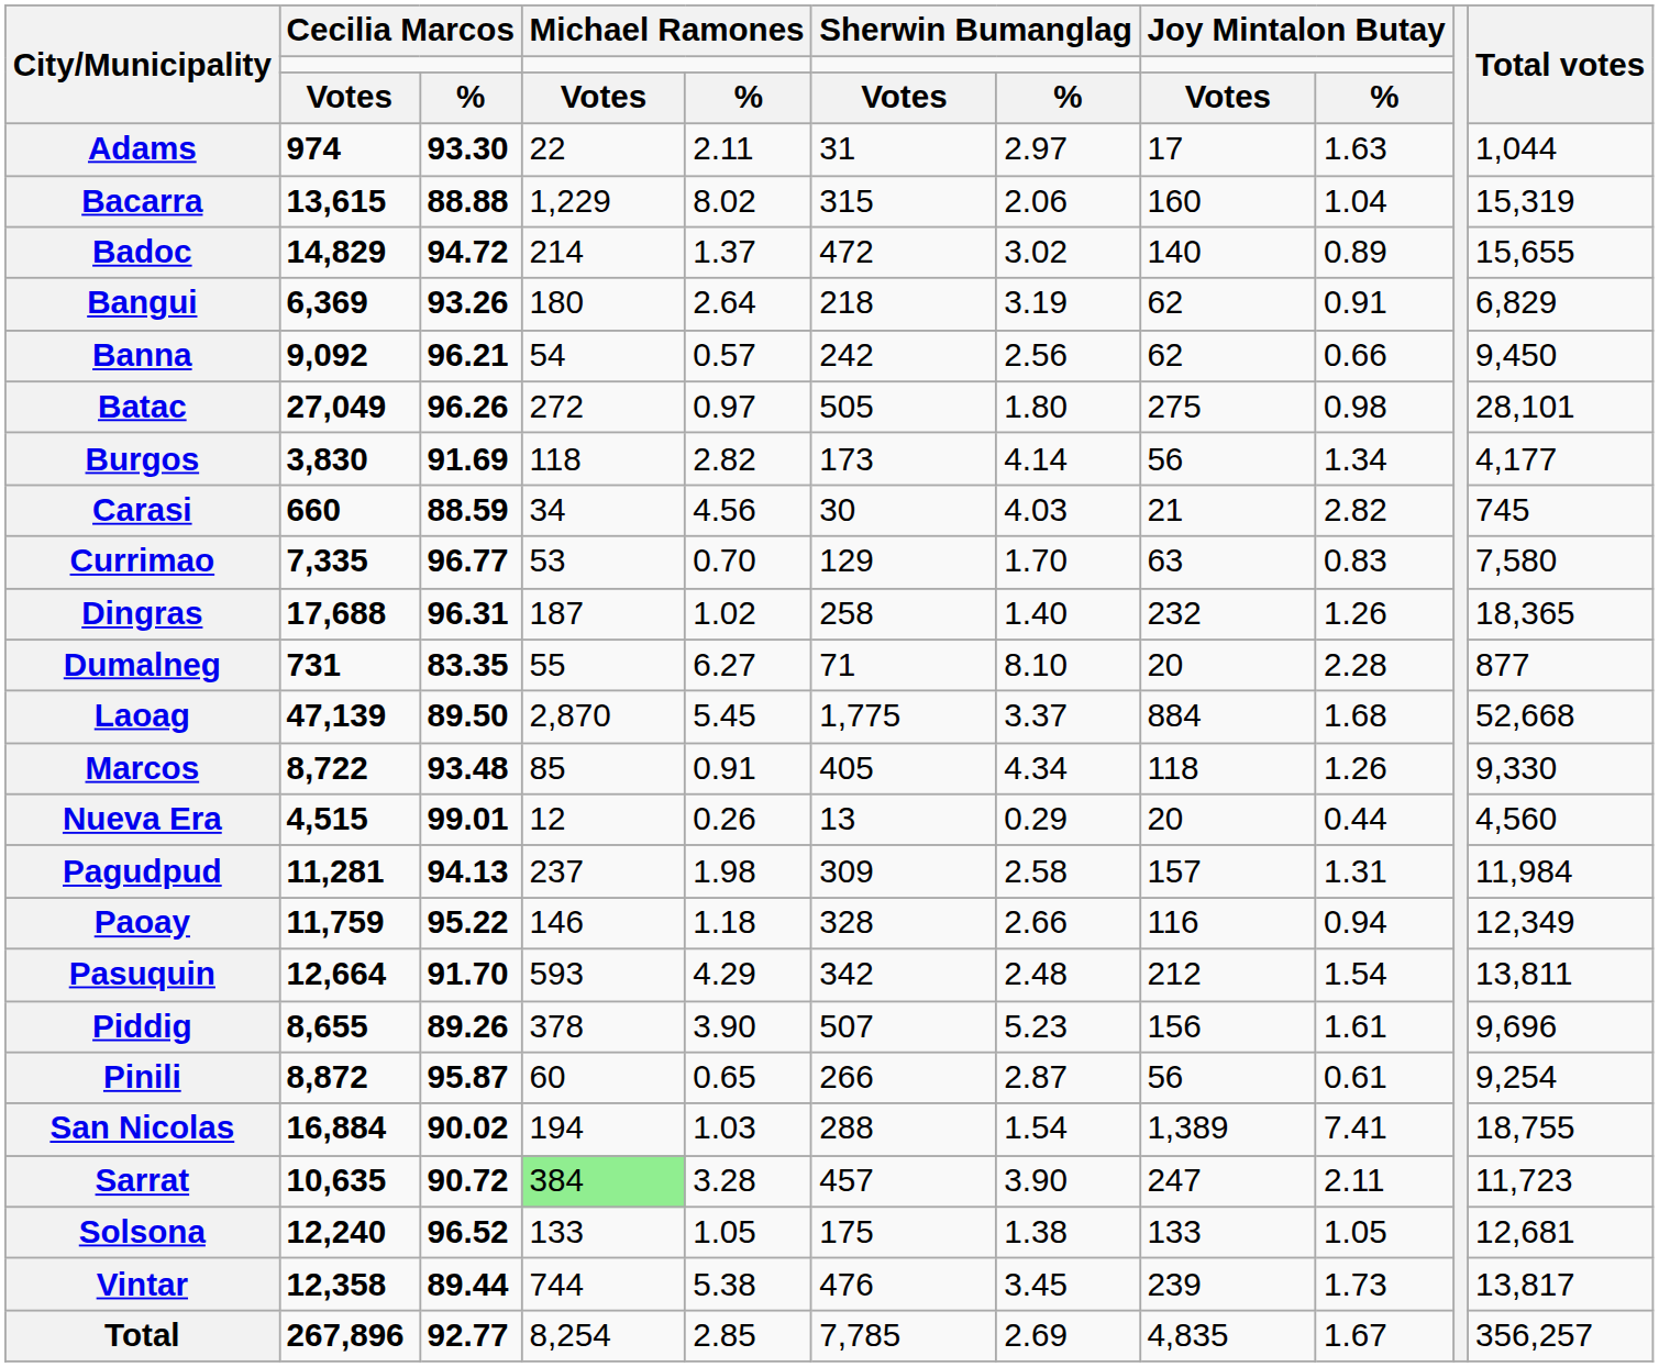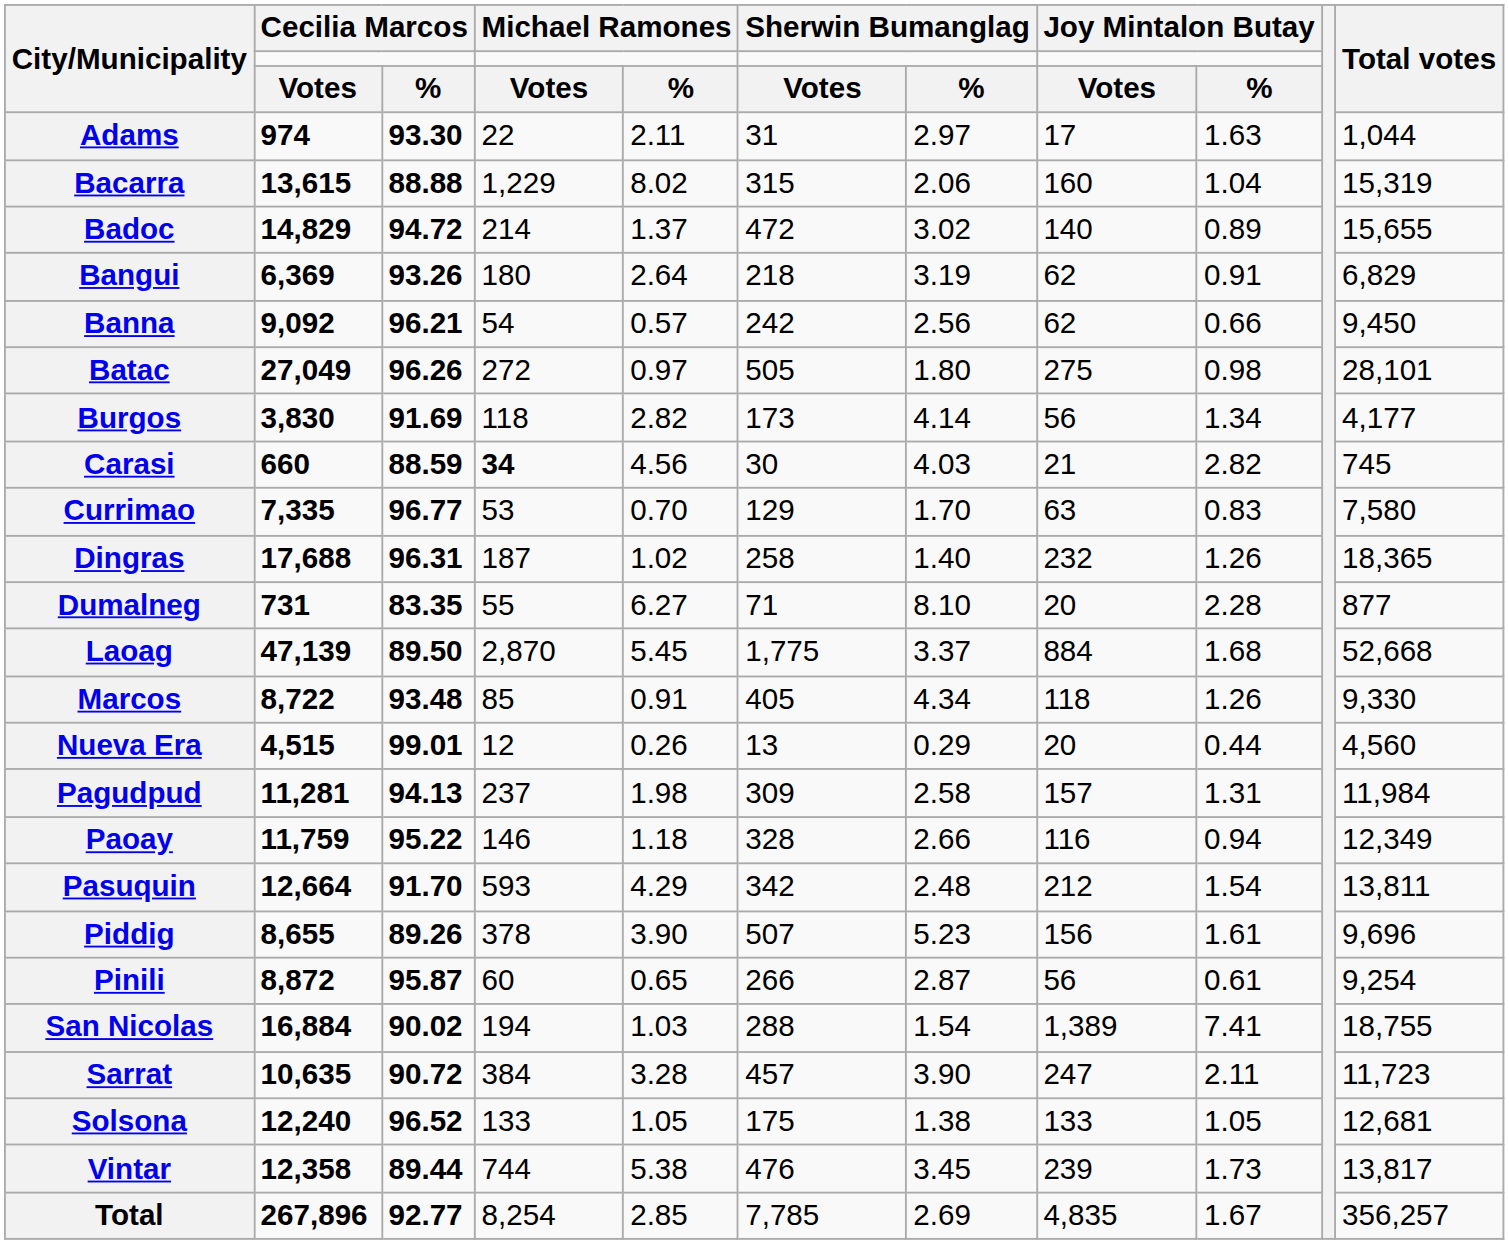 <table class="wikitable" style="text-align=center">
 <tr>
 <th rowspan="3">City/Municipality</th>
 <th colspan="2">Cecilia Marcos</th>
 <th colspan="2">Michael Ramones</th>
 <th colspan="2">Sherwin Bumanglag</th>
 <th colspan="2">Joy Mintalon Butay</th>
 <th rowspan="27"></th>
 <th colspan="3" rowspan="3">Total votes</th>
 </tr>
 <tr>
 <td colspan="2" style="background:"></td>
 <td colspan="2" style="background:"></td>
 <td colspan="2" style="background:"></td>
 <td colspan="2" style="background:"></td>
 </tr>
 <tr>
 <th>Votes</th>
 <th>%</th>
 <th>Votes</th>
 <th>%</th>
 <th>Votes</th>
 <th>%</th>
 <th>Votes</th>
 <th>%</th>
 </tr>
 <tr>
 <th scope="row"><a href='#'>Adams</a></th>
 <td style="background:"><strong>974</strong></td>
 <td style="background:"><strong>93.30</strong></td>
 <td>22</td>
 <td>2.11</td>
 <td>31</td>
 <td>2.97</td>
 <td>17</td>
 <td>1.63</td>
 <td>1,044</td>
 </tr>
 <tr>
 <th scope="row"><a href='#'>Bacarra</a></th>
 <td style="background:"><strong>13,615</strong></td>
 <td style="background:"><strong>88.88</strong></td>
 <td>1,229</td>
 <td>8.02</td>
 <td>315</td>
 <td>2.06</td>
 <td>160</td>
 <td>1.04</td>
 <td>15,319</td>
 </tr>
 <tr>
 <th scope="row"><a href='#'>Badoc</a></th>
 <td style="background:"><strong>14,829</strong></td>
 <td style="background:"><strong>94.72</strong></td>
 <td>214</td>
 <td>1.37</td>
 <td>472</td>
 <td>3.02</td>
 <td>140</td>
 <td>0.89</td>
 <td>15,655</td>
 </tr>
 <tr>
 <th scope="row"><a href='#'>Bangui</a></th>
 <td style="background:"><strong>6,369</strong></td>
 <td style="background:"><strong>93.26</strong></td>
 <td>180</td>
 <td>2.64</td>
 <td>218</td>
 <td>3.19</td>
 <td>62</td>
 <td>0.91</td>
 <td>6,829</td>
 </tr>
 <tr>
 <th scope="row"><a href='#'>Banna</a></th>
 <td style="background:"><strong>9,092</strong></td>
 <td style="background:"><strong>96.21</strong></td>
 <td>54</td>
 <td>0.57</td>
 <td>242</td>
 <td>2.56</td>
 <td>62</td>
 <td>0.66</td>
 <td>9,450</td>
 </tr>
 <tr>
 <th scope="row"><a href='#'>Batac</a></th>
 <td style="background:"><strong>27,049</strong></td>
 <td style="background:"><strong>96.26</strong></td>
 <td>272</td>
 <td>0.97</td>
 <td>505</td>
 <td>1.80</td>
 <td>275</td>
 <td>0.98</td>
 <td>28,101</td>
 </tr>
 <tr>
 <th scope="row"><a href='#'>Burgos</a></th>
 <td style="background:"><strong>3,830</strong></td>
 <td style="background:"><strong>91.69</strong></td>
 <td>118</td>
 <td>2.82</td>
 <td>173</td>
 <td>4.14</td>
 <td>56</td>
 <td>1.34</td>
 <td>4,177</td>
 </tr>
 <tr>
 <th scope="row"><a href='#'>Carasi</a></th>
 <td style="background:"><strong>660</strong></td>
 <td style="background:"><strong>88.59</strong></td>
-<td>34</td>
+<td><strong>34</strong></td>
 <td>4.56</td>
 <td>30</td>
 <td>4.03</td>
 <td>21</td>
 <td>2.82</td>
 <td>745</td>
 </tr>
 <tr>
 <th scope="row"><a href='#'>Currimao</a></th>
 <td style="background:"><strong>7,335</strong></td>
 <td style="background:"><strong>96.77</strong></td>
 <td>53</td>
 <td>0.70</td>
 <td>129</td>
 <td>1.70</td>
 <td>63</td>
 <td>0.83</td>
 <td>7,580</td>
 </tr>
 <tr>
 <th scope="row"><a href='#'>Dingras</a></th>
 <td style="background:"><strong>17,688</strong></td>
 <td style="background:"><strong>96.31</strong></td>
 <td>187</td>
 <td>1.02</td>
 <td>258</td>
 <td>1.40</td>
 <td>232</td>
 <td>1.26</td>
 <td>18,365</td>
 </tr>
 <tr>
 <th scope="row"><a href='#'>Dumalneg</a></th>
 <td style="background:"><strong>731</strong></td>
 <td style="background:"><strong>83.35</strong></td>
 <td>55</td>
 <td>6.27</td>
 <td>71</td>
 <td>8.10</td>
 <td>20</td>
 <td>2.28</td>
 <td>877</td>
 </tr>
 <tr>
 <th scope="row"><a href='#'>Laoag</a></th>
 <td style="background:"><strong>47,139</strong></td>
 <td style="background:"><strong>89.50</strong></td>
 <td>2,870</td>
 <td>5.45</td>
 <td>1,775</td>
 <td>3.37</td>
 <td>884</td>
 <td>1.68</td>
 <td>52,668</td>
 </tr>
 <tr>
 <th scope="row"><a href='#'>Marcos</a></th>
 <td style="background:"><strong>8,722</strong></td>
 <td style="background:"><strong>93.48</strong></td>
 <td>85</td>
 <td>0.91</td>
 <td>405</td>
 <td>4.34</td>
 <td>118</td>
 <td>1.26</td>
 <td>9,330</td>
 </tr>
 <tr>
 <th scope="row"><a href='#'>Nueva Era</a></th>
 <td style="background:"><strong>4,515</strong></td>
 <td style="background:"><strong>99.01</strong></td>
 <td>12</td>
 <td>0.26</td>
 <td>13</td>
 <td>0.29</td>
 <td>20</td>
 <td>0.44</td>
 <td>4,560</td>
 </tr>
 <tr>
 <th scope="row"><a href='#'>Pagudpud</a></th>
 <td style="background:"><strong>11,281</strong></td>
 <td style="background:"><strong>94.13</strong></td>
 <td>237</td>
 <td>1.98</td>
 <td>309</td>
 <td>2.58</td>
 <td>157</td>
 <td>1.31</td>
 <td>11,984</td>
 </tr>
 <tr>
 <th scope="row"><a href='#'>Paoay</a></th>
 <td style="background:"><strong>11,759</strong></td>
 <td style="background:"><strong>95.22</strong></td>
 <td>146</td>
 <td>1.18</td>
 <td>328</td>
 <td>2.66</td>
 <td>116</td>
 <td>0.94</td>
 <td>12,349</td>
 </tr>
 <tr>
 <th scope="row"><a href='#'>Pasuquin</a></th>
 <td style="background:"><strong>12,664</strong></td>
 <td style="background:"><strong>91.70</strong></td>
 <td>593</td>
 <td>4.29</td>
 <td>342</td>
 <td>2.48</td>
 <td>212</td>
 <td>1.54</td>
 <td>13,811</td>
 </tr>
 <tr>
 <th scope="row"><a href='#'>Piddig</a></th>
 <td style="background:"><strong>8,655</strong></td>
 <td style="background:"><strong>89.26</strong></td>
 <td>378</td>
 <td>3.90</td>
 <td>507</td>
 <td>5.23</td>
 <td>156</td>
 <td>1.61</td>
 <td>9,696</td>
 </tr>
 <tr>
 <th scope="row"><a href='#'>Pinili</a></th>
 <td style="background:"><strong>8,872</strong></td>
 <td style="background:"><strong>95.87</strong></td>
 <td>60</td>
 <td>0.65</td>
 <td>266</td>
 <td>2.87</td>
 <td>56</td>
 <td>0.61</td>
 <td>9,254</td>
 </tr>
 <tr>
 <th scope="row"><a href='#'>San Nicolas</a></th>
 <td style="background:"><strong>16,884</strong></td>
 <td style="background:"><strong>90.02</strong></td>
 <td>194</td>
 <td>1.03</td>
 <td>288</td>
 <td>1.54</td>
 <td>1,389</td>
 <td>7.41</td>
 <td>18,755</td>
 </tr>
 <tr>
 <th scope="row"><a href='#'>Sarrat</a></th>
 <td style="background:"><strong>10,635</strong></td>
 <td style="background:"><strong>90.72</strong></td>
-<td style="background: lightgreen;">384</td>
+<td>384</td>
 <td>3.28</td>
 <td>457</td>
 <td>3.90</td>
 <td>247</td>
 <td>2.11</td>
 <td>11,723</td>
 </tr>
 <tr>
 <th scope="row"><a href='#'>Solsona</a></th>
 <td style="background:"><strong>12,240</strong></td>
 <td style="background:"><strong>96.52</strong></td>
 <td>133</td>
 <td>1.05</td>
 <td>175</td>
 <td>1.38</td>
 <td>133</td>
 <td>1.05</td>
 <td>12,681</td>
 </tr>
 <tr>
 <th scope="row"><a href='#'>Vintar</a></th>
 <td style="background:"><strong>12,358</strong></td>
 <td style="background:"><strong>89.44</strong></td>
 <td>744</td>
 <td>5.38</td>
 <td>476</td>
 <td>3.45</td>
 <td>239</td>
 <td>1.73</td>
 <td>13,817</td>
 </tr>
 <tr>
 <th scope="row">Total</th>
 <td style="background:"><strong>267,896</strong></td>
 <td style="background:"><strong>92.77</strong></td>
 <td>8,254</td>
 <td>2.85</td>
 <td>7,785</td>
 <td>2.69</td>
 <td>4,835</td>
 <td>1.67</td>
 <td>356,257</td>
 </tr>
 </table>
